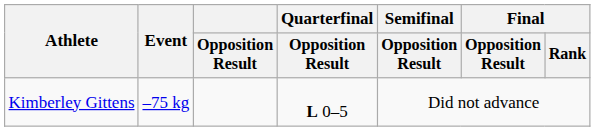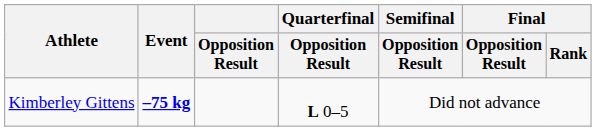 <table class=wikitable style=font-size:90%;text-align:center>
 <tr>
 <th rowspan=2>Athlete</th>
 <th rowspan=2>Event</th>
 <th></th>
 <th>Quarterfinal</th>
 <th>Semifinal</th>
 <th colspan=2>Final</th>
 </tr>
 <tr style=font-size:95%>
 <th>Opposition<br>Result</th>
 <th>Opposition<br>Result</th>
 <th>Opposition<br>Result</th>
 <th>Opposition<br>Result</th>
 <th>Rank</th>
 </tr>
 <tr>
 <td align=left><a href='#'>Kimberley Gittens</a></td>
-<td align=left><a href='#'>–75 kg</a></td>
+<td align=left><strong><a href='#'>–75 kg</a></strong></td>
 <td></td>
 <td><br><strong>L</strong> 0–5</td>
 <td colspan="3">Did not advance</td>
 </tr>
 </table>
